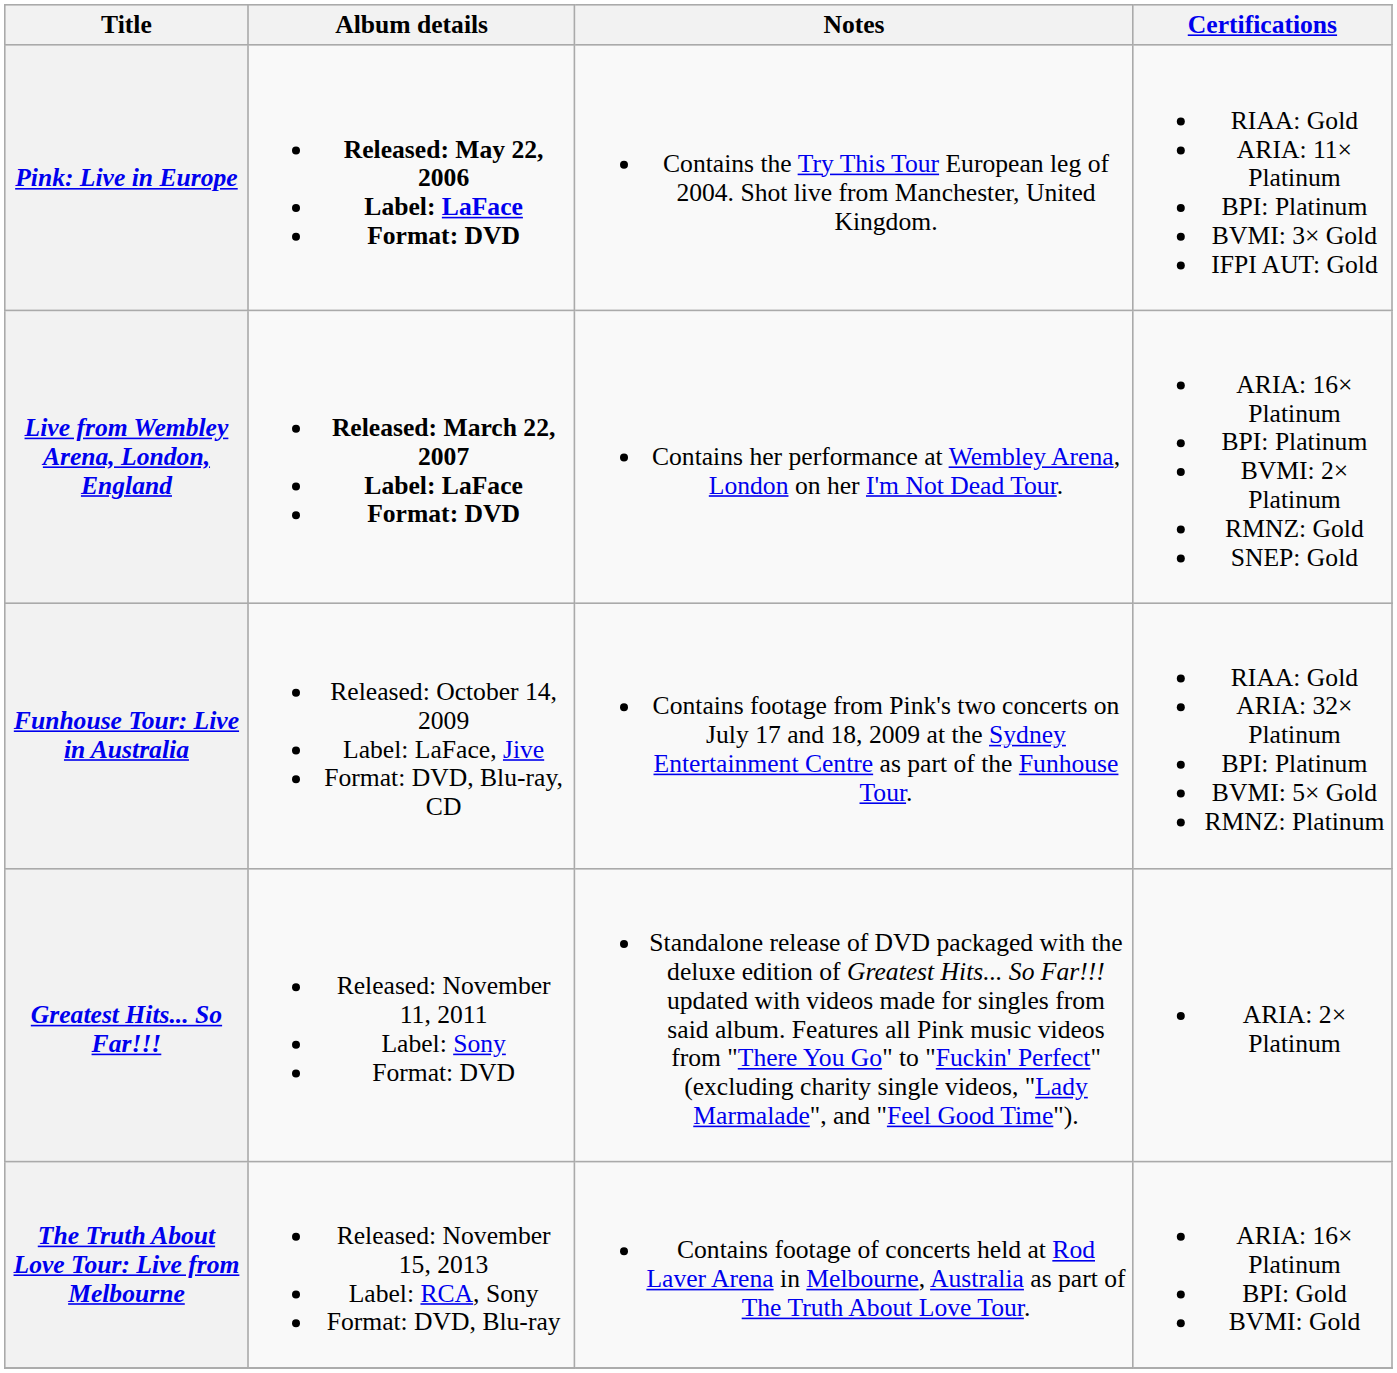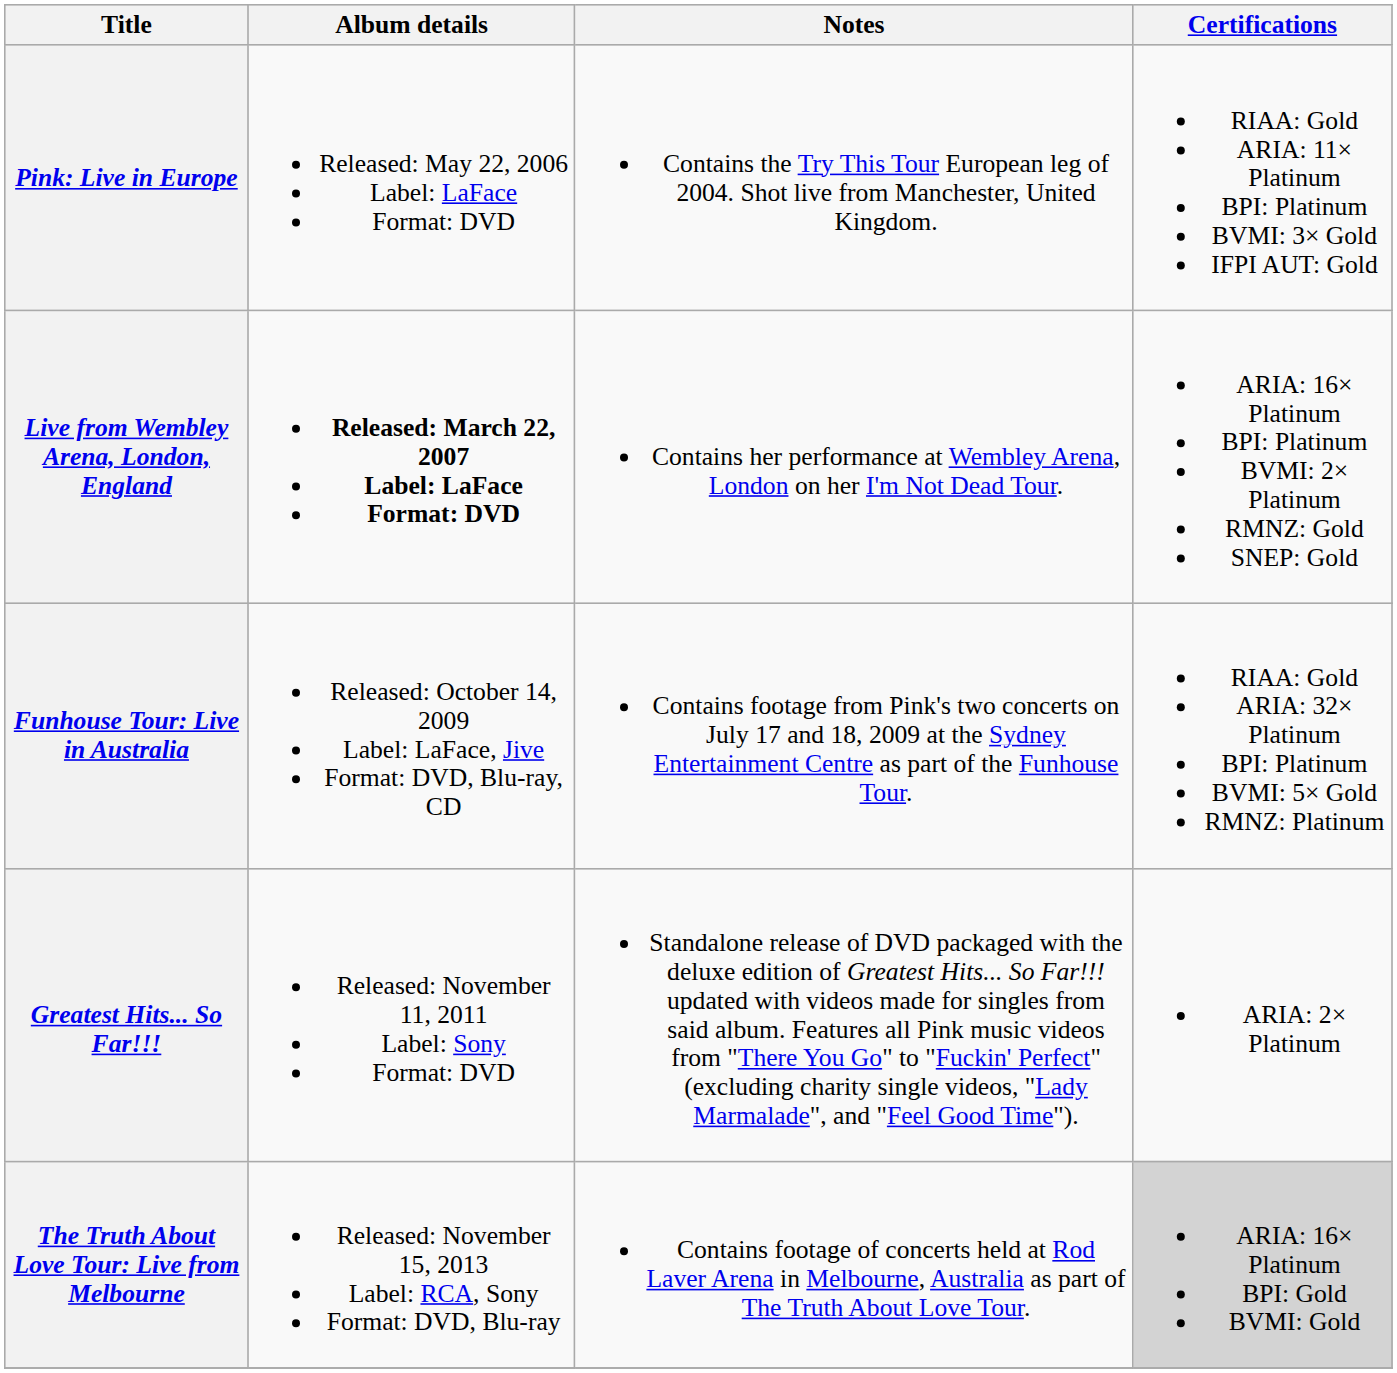 <table class="wikitable plainrowheaders" style="text-align:center;">
 <tr>
 <th scope="col" style="width:12em;">Title</th>
 <th scope="col" style="width:16em;">Album details</th>
 <th scope="col" style="width:30em;">Notes</th>
 <th scope="col" style="width:12em;"><a href='#'>Certifications</a></th>
 </tr>
 <tr>
 <th scope="row"><em><a href='#'>Pink: Live in Europe</a></em></th>
-<td><strong><br><ul><li>Released: May 22, 2006</li><li>Label: <a href='#'>LaFace</a></li><li>Format: DVD</li></ul></strong></td>
+<td><br><ul><li>Released: May 22, 2006</li><li>Label: <a href='#'>LaFace</a></li><li>Format: DVD</li></ul></td>
 <td><br><ul><li>Contains the <a href='#'>Try This Tour</a> European leg of 2004. Shot live from Manchester, United Kingdom.</li></ul></td>
 <td><br><ul><li>RIAA: Gold</li><li>ARIA: 11× Platinum</li><li>BPI: Platinum</li><li>BVMI: 3× Gold</li><li>IFPI AUT: Gold</li></ul></td>
 </tr>
 <tr>
 <th scope="row"><em><a href='#'>Live from Wembley Arena, London, England</a></em></th>
 <td><strong><br><ul><li>Released: March 22, 2007</li><li>Label: LaFace</li><li>Format: DVD</li></ul></strong></td>
 <td><br><ul><li>Contains her performance at <a href='#'>Wembley Arena</a>, <a href='#'>London</a> on her <a href='#'>I'm Not Dead Tour</a>.</li></ul></td>
 <td><br><ul><li>ARIA: 16× Platinum</li><li>BPI: Platinum</li><li>BVMI: 2× Platinum</li><li>RMNZ: Gold</li><li>SNEP: Gold</li></ul></td>
 </tr>
 <tr>
 <th scope="row"><em><a href='#'>Funhouse Tour: Live in Australia</a></em></th>
 <td><br><ul><li>Released: October 14, 2009</li><li>Label: LaFace, <a href='#'>Jive</a></li><li>Format: DVD, Blu-ray, CD</li></ul></td>
 <td><br><ul><li>Contains footage from Pink's two concerts on July 17 and 18, 2009 at the <a href='#'>Sydney Entertainment Centre</a> as part of the <a href='#'>Funhouse Tour</a>.</li></ul></td>
 <td><br><ul><li>RIAA: Gold</li><li>ARIA: 32× Platinum</li><li>BPI: Platinum</li><li>BVMI: 5× Gold</li><li>RMNZ: Platinum</li></ul></td>
 </tr>
 <tr>
 <th scope="row"><br><em><a href='#'>Greatest Hits... So Far!!!</a></em></th>
 <td><br><ul><li>Released: November 11, 2011</li><li>Label: <a href='#'>Sony</a></li><li>Format: DVD</li></ul></td>
 <td><br><ul><li>Standalone release of DVD packaged with the deluxe edition of <em>Greatest Hits... So Far!!!</em> updated with videos made for singles from said album. Features all Pink music videos from "<a href='#'>There You Go</a>" to "<a href='#'>Fuckin' Perfect</a>" (excluding charity single videos, "<a href='#'>Lady Marmalade</a>", and "<a href='#'>Feel Good Time</a>").</li></ul></td>
 <td><br><ul><li>ARIA: 2× Platinum</li></ul></td>
 </tr>
 <tr>
 <th scope="row"><em><a href='#'>The Truth About Love Tour: Live from Melbourne</a></em></th>
 <td><br><ul><li>Released: November 15, 2013</li><li>Label: <a href='#'>RCA</a>, Sony</li><li>Format: DVD, Blu-ray</li></ul></td>
 <td><br><ul><li>Contains footage of concerts held at <a href='#'>Rod Laver Arena</a> in <a href='#'>Melbourne</a>, <a href='#'>Australia</a> as part of <a href='#'>The Truth About Love Tour</a>.</li></ul></td>
-<td><br><ul><li>ARIA: 16× Platinum</li><li>BPI: Gold</li><li>BVMI: Gold</li></ul></td>
+<td style="background: lightgrey;"><br><ul><li>ARIA: 16× Platinum</li><li>BPI: Gold</li><li>BVMI: Gold</li></ul></td>
 </tr>
 <tr>
 </tr>
 </table>
